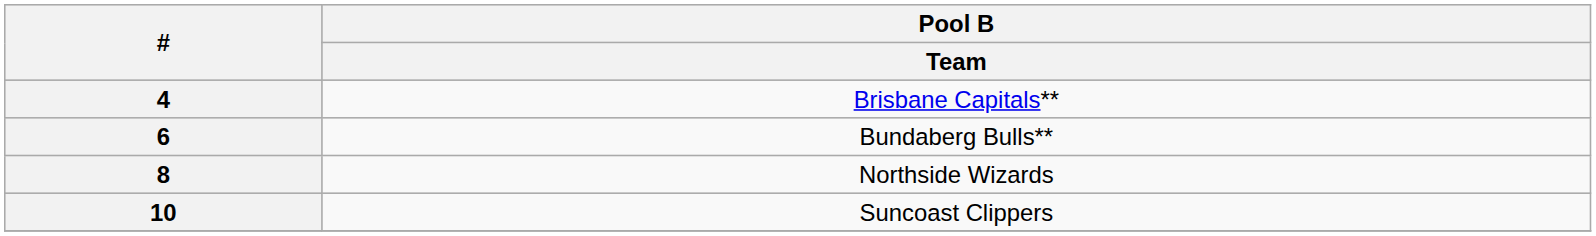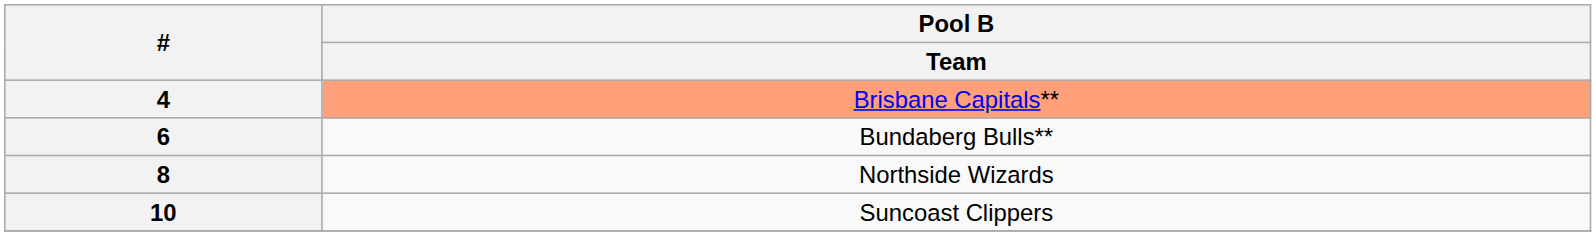 <table class="wikitable" width="80%" style="font-size:95%; text-align:center">
 <tr>
 <th width="5%" rowspan=2>#</th>
 <th colspan="1" align="center">Pool B</th>
 </tr>
 <tr>
 <th width="20%">Team</th>
 </tr>
 <tr>
 <th>4</th>
-<td align=center><a href='#'>Brisbane Capitals</a>**</td>
+<td align=center style="background: lightsalmon;"><a href='#'>Brisbane Capitals</a>**</td>
 </tr>
 <tr>
 <th>6</th>
 <td align=center>Bundaberg Bulls**</td>
 </tr>
 <tr>
 <th>8</th>
 <td align=center>Northside Wizards</td>
 </tr>
 <tr>
 <th>10</th>
 <td align=center>Suncoast Clippers</td>
 </tr>
 <tr>
 </tr>
 </table>
